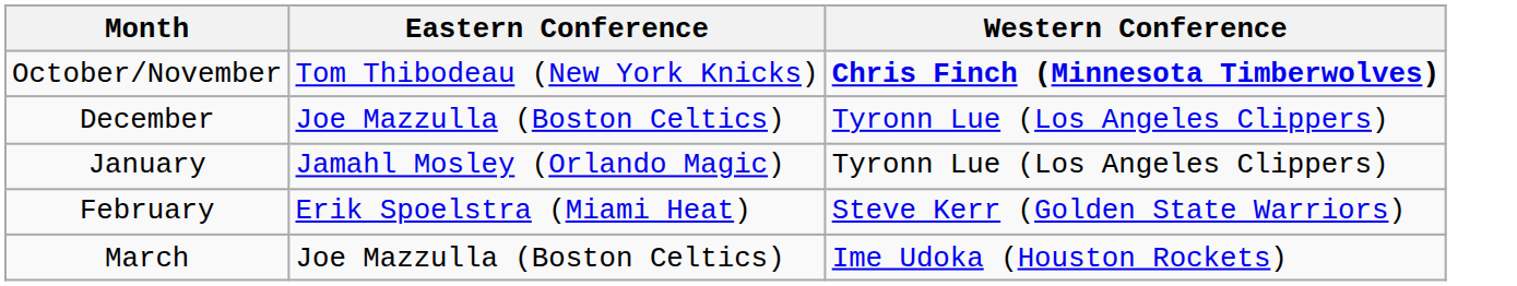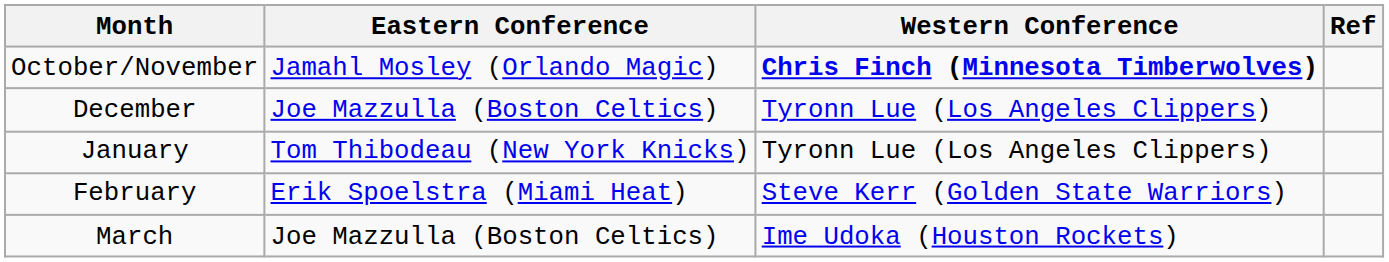 <table class="wikitable sortable" style="text-align:left;">
 <tr>
 <th>Month</th>
 <th>Eastern Conference</th>
 <th>Western Conference</th>
+<th class=unsortable>Ref</th>
 </tr>
 <tr>
 <td style="text-align:center;">October/November</td>
-<td><a href='#'>Tom Thibodeau</a> (<a href='#'>New York Knicks</a>) </td>
+<td><a href='#'>Jamahl Mosley</a> (<a href='#'>Orlando Magic</a>) </td>
 <td><strong><a href='#'>Chris Finch</a> (<a href='#'>Minnesota Timberwolves</a>) </strong></td>
+<td style="text-align:center;"></td>
 </tr>
 <tr>
 <td style="text-align:center;">December</td>
 <td><a href='#'>Joe Mazzulla</a> (<a href='#'>Boston Celtics</a>) </td>
 <td><a href='#'>Tyronn Lue</a> (<a href='#'>Los Angeles Clippers</a>) </td>
+<td style="text-align:center;"></td>
 </tr>
 <tr>
 <td style="text-align:center;">January</td>
-<td><a href='#'>Jamahl Mosley</a> (<a href='#'>Orlando Magic</a>) </td>
+<td><a href='#'>Tom Thibodeau</a> (<a href='#'>New York Knicks</a>) </td>
 <td>Tyronn Lue (Los Angeles Clippers) </td>
+<td style="text-align:center;"></td>
 </tr>
 <tr>
 <td style="text-align:center;">February</td>
 <td><a href='#'>Erik Spoelstra</a> (<a href='#'>Miami Heat</a>) </td>
 <td><a href='#'>Steve Kerr</a> (<a href='#'>Golden State Warriors</a>) </td>
+<td style="text-align:center;"></td>
 </tr>
 <tr>
 <td style="text-align:center;'">March</td>
 <td>Joe Mazzulla (Boston Celtics) </td>
 <td><a href='#'>Ime Udoka</a> (<a href='#'>Houston Rockets</a>) </td>
+<td style="text-align:center;"></td>
 </tr>
 </table>
